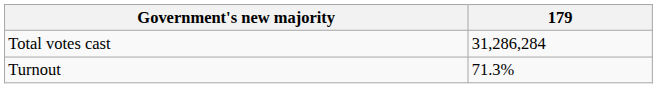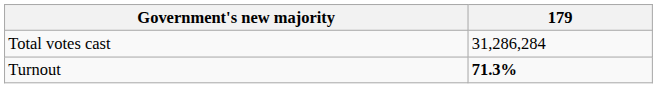 <table class="wikitable" style="width:630px">
 <tr>
 <th>Government's new majority</th>
 <th>179</th>
 </tr>
 <tr>
 <td>Total votes cast</td>
 <td>31,286,284</td>
 </tr>
 <tr>
 <td>Turnout</td>
-<td>71.3%</td>
+<td><strong>71.3%</strong></td>
 </tr>
 </table>
